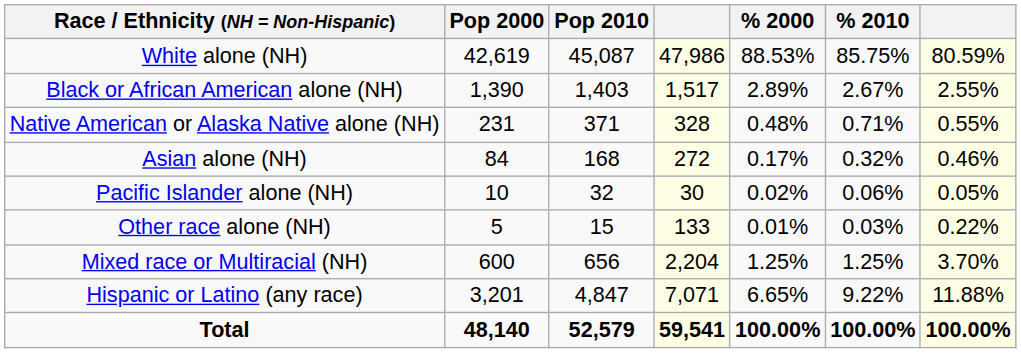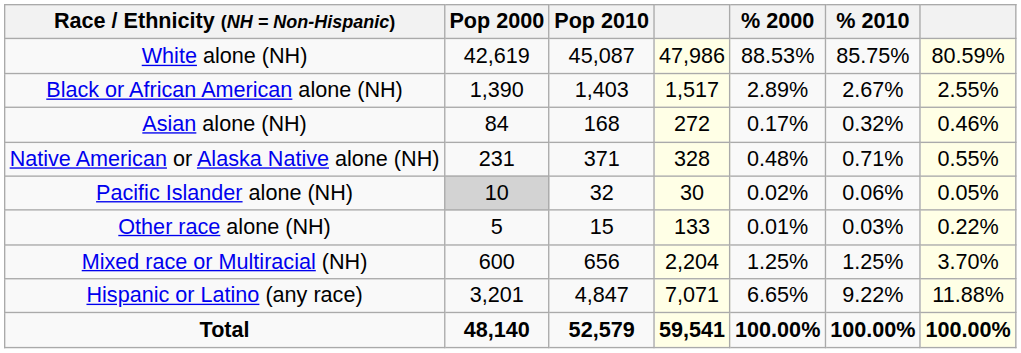 <table class="wikitable" style="text-align:center;">
 <tr>
 <th>Race / Ethnicity <small>(<em>NH = Non-Hispanic</em>)</small></th>
 <th>Pop 2000</th>
 <th>Pop 2010</th>
 <th></th>
 <th>% 2000</th>
 <th>% 2010</th>
 <th></th>
 </tr>
 <tr>
 <td><a href='#'>White</a> alone (NH)</td>
 <td>42,619</td>
 <td>45,087</td>
 <td style='background: #ffffe6;'>47,986</td>
 <td>88.53%</td>
 <td>85.75%</td>
 <td style='background: #ffffe6;'>80.59%</td>
 </tr>
 <tr>
 <td><a href='#'>Black or African American</a> alone (NH)</td>
 <td>1,390</td>
 <td>1,403</td>
 <td style='background: #ffffe6;'>1,517</td>
 <td>2.89%</td>
 <td>2.67%</td>
 <td style='background: #ffffe6;'>2.55%</td>
 </tr>
 <tr>
+<td><a href='#'>Asian</a> alone (NH)</td>
+<td>84</td>
+<td>168</td>
+<td style='background: #ffffe6;'>272</td>
+<td>0.17%</td>
+<td>0.32%</td>
+<td style='background: #ffffe6;'>0.46%</td>
+</tr>
+<tr>
 <td><a href='#'>Native American</a> or <a href='#'>Alaska Native</a> alone (NH)</td>
 <td>231</td>
 <td>371</td>
 <td style='background: #ffffe6;'>328</td>
 <td>0.48%</td>
 <td>0.71%</td>
 <td style='background: #ffffe6;'>0.55%</td>
 </tr>
 <tr>
-<td><a href='#'>Asian</a> alone (NH)</td>
-<td>84</td>
-<td>168</td>
-<td style='background: #ffffe6;'>272</td>
-<td>0.17%</td>
-<td>0.32%</td>
-<td style='background: #ffffe6;'>0.46%</td>
-</tr>
-<tr>
 <td><a href='#'>Pacific Islander</a> alone (NH)</td>
-<td>10</td>
+<td style="background: lightgrey;">10</td>
 <td>32</td>
 <td style='background: #ffffe6;'>30</td>
 <td>0.02%</td>
 <td>0.06%</td>
 <td style='background: #ffffe6;'>0.05%</td>
 </tr>
 <tr>
 <td><a href='#'>Other race</a> alone (NH)</td>
 <td>5</td>
 <td>15</td>
 <td style='background: #ffffe6;'>133</td>
 <td>0.01%</td>
 <td>0.03%</td>
 <td style='background: #ffffe6;'>0.22%</td>
 </tr>
 <tr>
 <td><a href='#'>Mixed race or Multiracial</a> (NH)</td>
 <td>600</td>
 <td>656</td>
 <td style='background: #ffffe6;'>2,204</td>
 <td>1.25%</td>
 <td>1.25%</td>
 <td style='background: #ffffe6;'>3.70%</td>
 </tr>
 <tr>
 <td><a href='#'>Hispanic or Latino</a> (any race)</td>
 <td>3,201</td>
 <td>4,847</td>
 <td style='background: #ffffe6;'>7,071</td>
 <td>6.65%</td>
 <td>9.22%</td>
 <td style='background: #ffffe6;'>11.88%</td>
 </tr>
 <tr>
 <td><strong>Total</strong></td>
 <td><strong>48,140</strong></td>
 <td><strong>52,579</strong></td>
 <td style='background: #ffffe6;'><strong>59,541</strong></td>
 <td><strong>100.00%</strong></td>
 <td><strong>100.00%</strong></td>
 <td style='background: #ffffe6;'><strong>100.00%</strong></td>
 </tr>
 </table>
